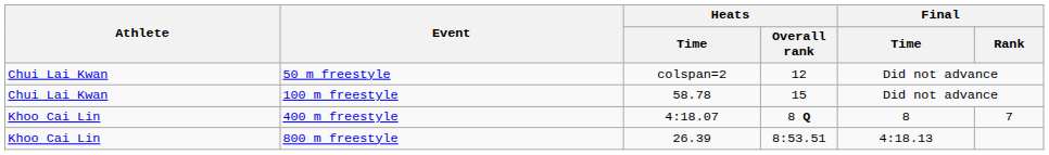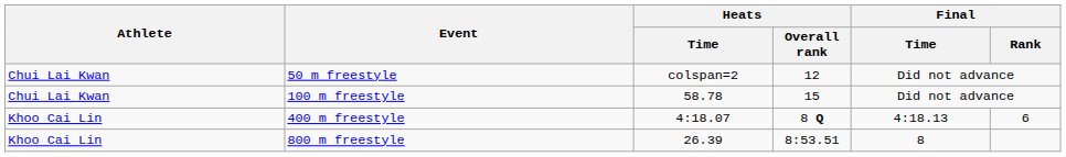 <table class="wikitable" width="75%" style="text-align:center; font-size:90%">
 <tr>
 <th rowspan="2" width="20%">Athlete</th>
 <th rowspan="2" width="25%">Event</th>
 <th colspan="2" width="15%">Heats</th>
 <th colspan="2" width="15%">Final</th>
 </tr>
 <tr>
 <th width="10%">Time</th>
 <th>Overall rank</th>
 <th width="10%">Time</th>
 <th>Rank</th>
 </tr>
 <tr>
 <td align=left><a href='#'>Chui Lai Kwan</a></td>
 <td align=left><a href='#'>50 m freestyle</a></td>
 <td>colspan=2 </td>
 <td>12</td>
 <td colspan=2>Did not advance</td>
 </tr>
 <tr>
 <td align=left><a href='#'>Chui Lai Kwan</a></td>
 <td align=left><a href='#'>100 m freestyle</a></td>
 <td>58.78</td>
 <td>15</td>
 <td colspan=2>Did not advance</td>
 </tr>
 <tr>
 <td align=left><a href='#'>Khoo Cai Lin</a></td>
 <td align=left><a href='#'>400 m freestyle</a></td>
 <td>4:18.07</td>
 <td>8 <strong>Q</strong></td>
-<td>8</td>
-<td>7</td>
+<td>4:18.13</td>
+<td>6</td>
 </tr>
 <tr>
 <td align=left><a href='#'>Khoo Cai Lin</a></td>
 <td align=left><a href='#'>800 m freestyle</a></td>
 <td>26.39</td>
 <td>8:53.51</td>
-<td>4:18.13</td>
+<td>8</td>
 </tr>
 </table>
